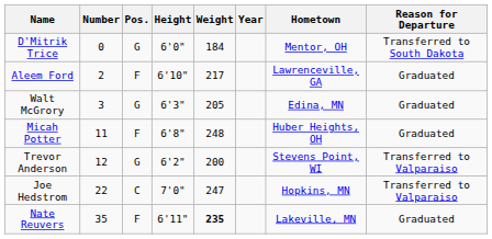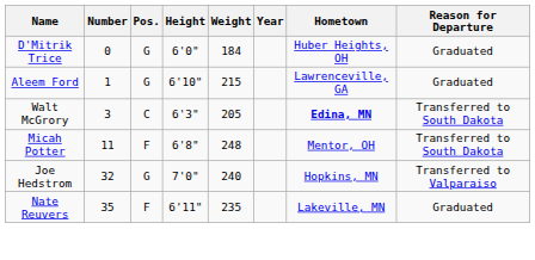 <table class="wikitable sortable" style="text-align: center">
 <tr align=center>
 <th>Name</th>
 <th>Number</th>
 <th>Pos.</th>
 <th>Height</th>
 <th>Weight</th>
 <th>Year</th>
 <th>Hometown</th>
 <th>Reason for Departure</th>
 </tr>
 <tr>
 <td><a href='#'>D'Mitrik Trice</a></td>
 <td>0</td>
 <td>G</td>
 <td>6'0"</td>
 <td>184</td>
 <td></td>
-<td><a href='#'>Mentor, OH</a></td>
-<td>Transferred to <a href='#'>South Dakota</a></td>
+<td><a href='#'>Huber Heights, OH</a></td>
+<td>Graduated</td>
 </tr>
 <tr>
 <td><a href='#'>Aleem Ford</a></td>
-<td>2</td>
-<td>F</td>
+<td>1</td>
+<td>G</td>
 <td>6'10"</td>
-<td>217</td>
+<td>215</td>
 <td></td>
 <td><a href='#'>Lawrenceville, GA</a></td>
 <td>Graduated</td>
 </tr>
 <tr>
 <td>Walt McGrory</td>
 <td>3</td>
-<td>G</td>
+<td>C</td>
 <td>6'3"</td>
 <td>205</td>
 <td></td>
-<td><a href='#'>Edina, MN</a></td>
-<td>Graduated</td>
+<td><strong><a href='#'>Edina, MN</a></strong></td>
+<td>Transferred to <a href='#'>South Dakota</a></td>
 </tr>
 <tr>
 <td><a href='#'>Micah Potter</a></td>
 <td>11</td>
 <td>F</td>
 <td>6'8"</td>
 <td>248</td>
 <td></td>
-<td><a href='#'>Huber Heights, OH</a></td>
-<td>Graduated</td>
-</tr>
-<tr>
-<td>Trevor Anderson</td>
-<td>12</td>
-<td>G</td>
-<td>6'2"</td>
-<td>200</td>
-<td></td>
-<td><a href='#'>Stevens Point, WI</a></td>
-<td>Transferred to <a href='#'>Valparaiso</a></td>
+<td><a href='#'>Mentor, OH</a></td>
+<td>Transferred to <a href='#'>South Dakota</a></td>
 </tr>
 <tr>
 <td>Joe Hedstrom</td>
-<td>22</td>
-<td>C</td>
+<td>32</td>
+<td>G</td>
 <td>7'0"</td>
-<td>247</td>
+<td>240</td>
 <td></td>
 <td><a href='#'>Hopkins, MN</a></td>
 <td>Transferred to <a href='#'>Valparaiso</a></td>
 </tr>
 <tr>
 <td><a href='#'>Nate Reuvers</a></td>
 <td>35</td>
 <td>F</td>
 <td>6'11"</td>
-<td><strong>235</strong></td>
+<td>235</td>
 <td></td>
 <td><a href='#'>Lakeville, MN</a></td>
 <td>Graduated</td>
 </tr>
 </table>
